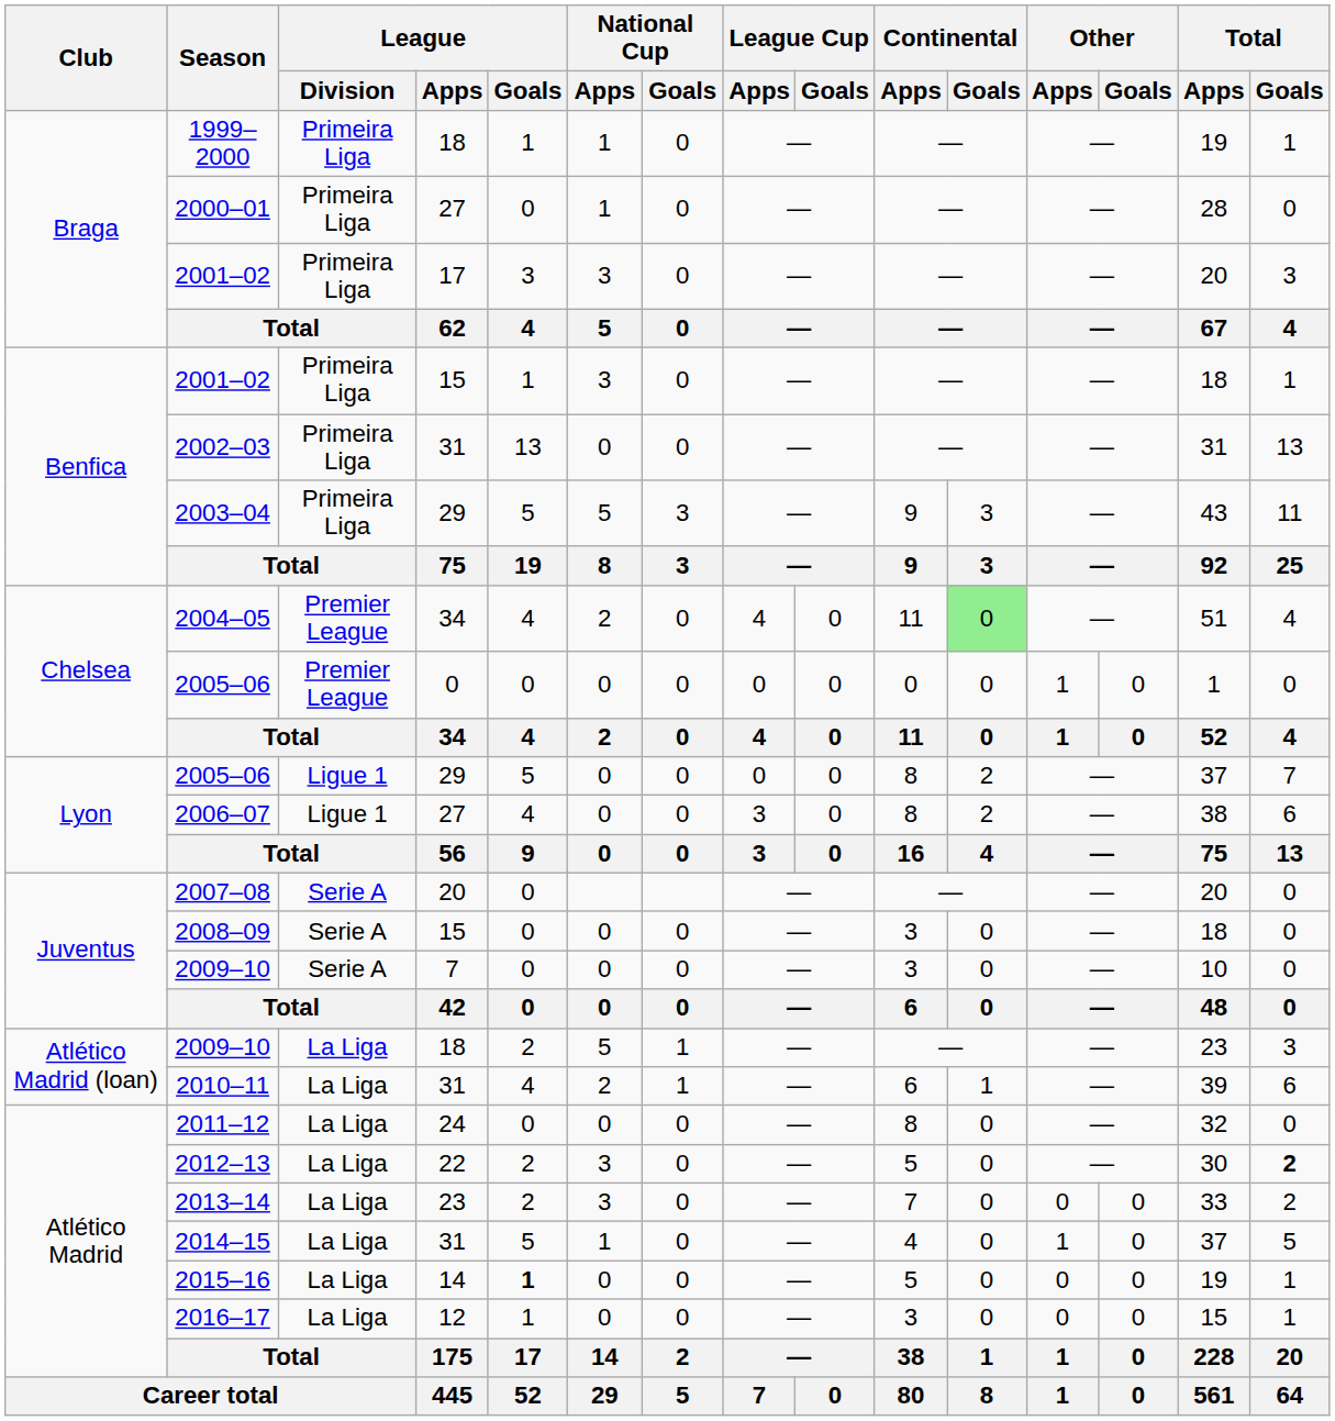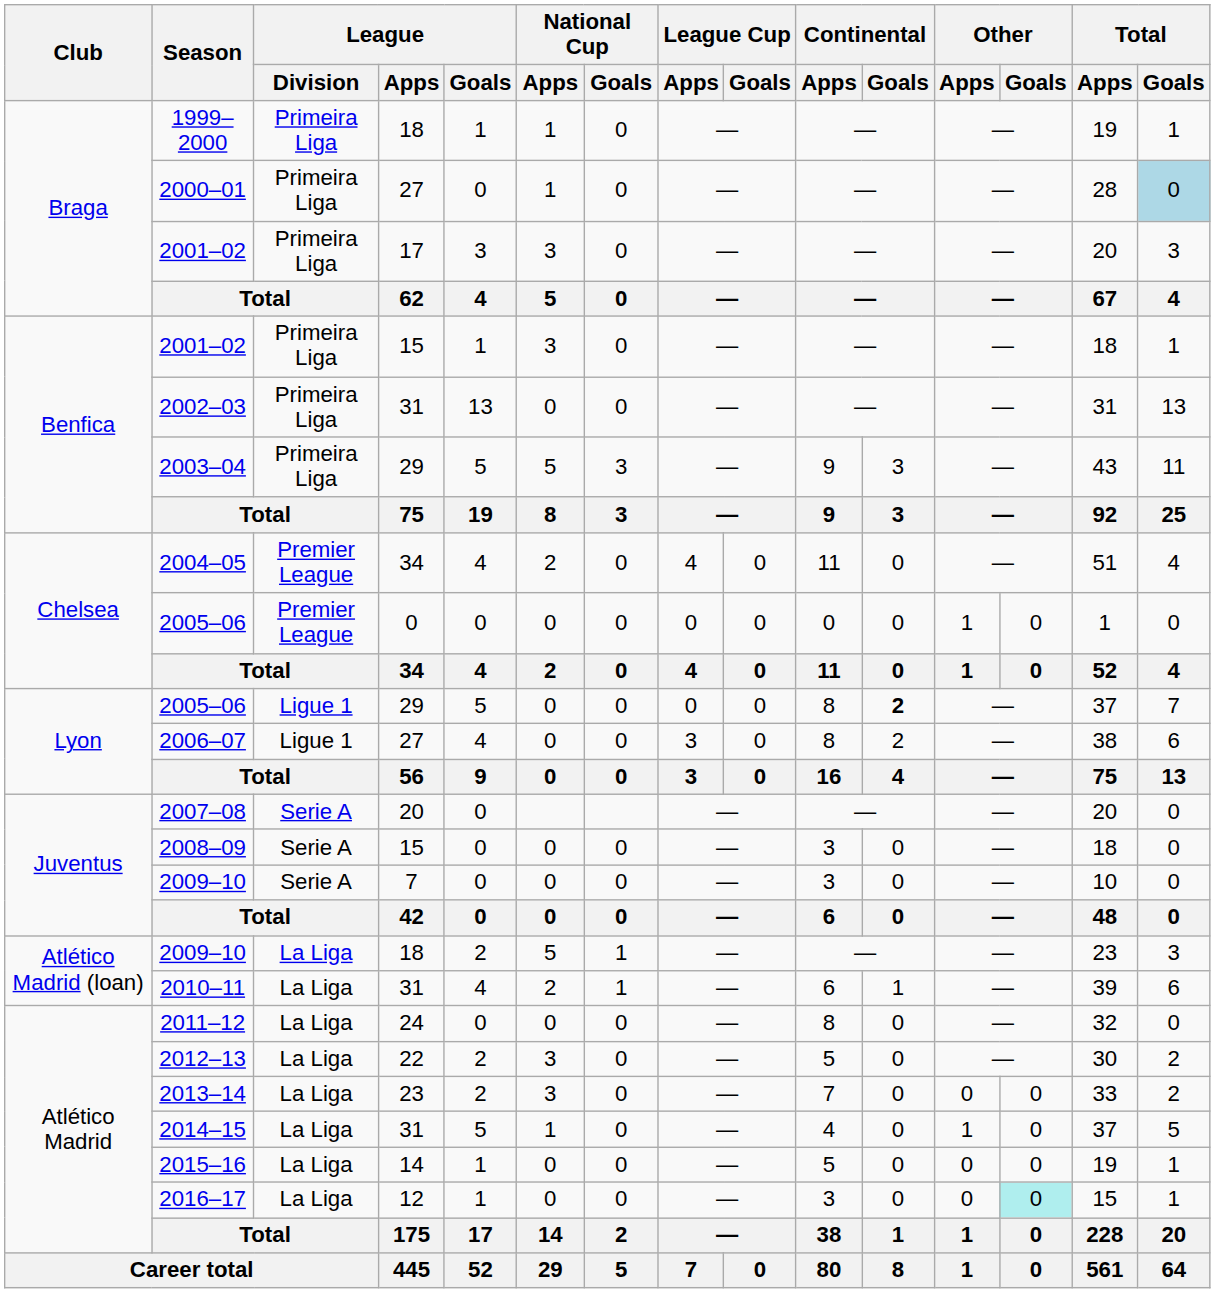 <table class="wikitable" style="text-align:center">
 <tr>
 <th rowspan="2">Club</th>
 <th rowspan="2">Season</th>
 <th colspan="3">League</th>
 <th colspan="2">National Cup</th>
 <th colspan="2">League Cup</th>
 <th colspan="2">Continental</th>
 <th colspan="2">Other</th>
 <th colspan="2">Total</th>
 </tr>
 <tr>
 <th>Division</th>
 <th>Apps</th>
 <th>Goals</th>
 <th>Apps</th>
 <th>Goals</th>
 <th>Apps</th>
 <th>Goals</th>
 <th>Apps</th>
 <th>Goals</th>
 <th>Apps</th>
 <th>Goals</th>
 <th>Apps</th>
 <th>Goals</th>
 </tr>
 <tr>
 <td rowspan="4"><a href='#'>Braga</a></td>
 <td><a href='#'>1999–2000</a></td>
 <td><a href='#'>Primeira Liga</a></td>
 <td>18</td>
 <td>1</td>
 <td>1</td>
 <td>0</td>
 <td colspan="2">—</td>
 <td colspan="2">—</td>
 <td colspan="2">—</td>
 <td>19</td>
 <td>1</td>
 </tr>
 <tr>
 <td><a href='#'>2000–01</a></td>
 <td>Primeira Liga</td>
 <td>27</td>
 <td>0</td>
 <td>1</td>
 <td>0</td>
 <td colspan="2">—</td>
 <td colspan="2">—</td>
 <td colspan="2">—</td>
 <td>28</td>
-<td>0</td>
+<td style="background: lightblue;">0</td>
 </tr>
 <tr>
 <td><a href='#'>2001–02</a></td>
 <td>Primeira Liga</td>
 <td>17</td>
 <td>3</td>
 <td>3</td>
 <td>0</td>
 <td colspan="2">—</td>
 <td colspan="2">—</td>
 <td colspan="2">—</td>
 <td>20</td>
 <td>3</td>
 </tr>
 <tr>
 <th colspan="2">Total</th>
 <th>62</th>
 <th>4</th>
 <th>5</th>
 <th>0</th>
 <th colspan="2">—</th>
 <th colspan="2">—</th>
 <th colspan="2">—</th>
 <th>67</th>
 <th>4</th>
 </tr>
 <tr>
 <td rowspan="4"><a href='#'>Benfica</a></td>
 <td><a href='#'>2001–02</a></td>
 <td>Primeira Liga</td>
 <td>15</td>
 <td>1</td>
 <td>3</td>
 <td>0</td>
 <td colspan="2">—</td>
 <td colspan="2">—</td>
 <td colspan="2">—</td>
 <td>18</td>
 <td>1</td>
 </tr>
 <tr>
 <td><a href='#'>2002–03</a></td>
 <td>Primeira Liga</td>
 <td>31</td>
 <td>13</td>
 <td>0</td>
 <td>0</td>
 <td colspan="2">—</td>
 <td colspan="2">—</td>
 <td colspan="2">—</td>
 <td>31</td>
 <td>13</td>
 </tr>
 <tr>
 <td><a href='#'>2003–04</a></td>
 <td>Primeira Liga</td>
 <td>29</td>
 <td>5</td>
 <td>5</td>
 <td>3</td>
 <td colspan="2">—</td>
 <td>9</td>
 <td>3</td>
 <td colspan="2">—</td>
 <td>43</td>
 <td>11</td>
 </tr>
 <tr>
 <th colspan="2">Total</th>
 <th>75</th>
 <th>19</th>
 <th>8</th>
 <th>3</th>
 <th colspan="2">—</th>
 <th>9</th>
 <th>3</th>
 <th colspan="2">—</th>
 <th>92</th>
 <th>25</th>
 </tr>
 <tr>
 <td rowspan="3"><a href='#'>Chelsea</a></td>
 <td><a href='#'>2004–05</a></td>
 <td><a href='#'>Premier League</a></td>
 <td>34</td>
 <td>4</td>
 <td>2</td>
 <td>0</td>
 <td>4</td>
 <td>0</td>
 <td>11</td>
-<td style="background: lightgreen;">0</td>
+<td>0</td>
 <td colspan="2">—</td>
 <td>51</td>
 <td>4</td>
 </tr>
 <tr>
 <td><a href='#'>2005–06</a></td>
 <td><a href='#'>Premier League</a></td>
 <td>0</td>
 <td>0</td>
 <td>0</td>
 <td>0</td>
 <td>0</td>
 <td>0</td>
 <td>0</td>
 <td>0</td>
 <td>1</td>
 <td>0</td>
 <td>1</td>
 <td>0</td>
 </tr>
 <tr>
 <th colspan="2">Total</th>
 <th>34</th>
 <th>4</th>
 <th>2</th>
 <th>0</th>
 <th>4</th>
 <th>0</th>
 <th>11</th>
 <th>0</th>
 <th>1</th>
 <th>0</th>
 <th>52</th>
 <th>4</th>
 </tr>
 <tr>
 <td rowspan="3"><a href='#'>Lyon</a></td>
 <td><a href='#'>2005–06</a></td>
 <td><a href='#'>Ligue 1</a></td>
 <td>29</td>
 <td>5</td>
 <td>0</td>
 <td>0</td>
 <td>0</td>
 <td>0</td>
 <td>8</td>
-<td>2</td>
+<td><strong>2</strong></td>
 <td colspan="2">—</td>
 <td>37</td>
 <td>7</td>
 </tr>
 <tr>
 <td><a href='#'>2006–07</a></td>
 <td>Ligue 1</td>
 <td>27</td>
 <td>4</td>
 <td>0</td>
 <td>0</td>
 <td>3</td>
 <td>0</td>
 <td>8</td>
 <td>2</td>
 <td colspan="2">—</td>
 <td>38</td>
 <td>6</td>
 </tr>
 <tr>
 <th colspan="2">Total</th>
 <th>56</th>
 <th>9</th>
 <th>0</th>
 <th>0</th>
 <th>3</th>
 <th>0</th>
 <th>16</th>
 <th>4</th>
 <th colspan="2">—</th>
 <th>75</th>
 <th>13</th>
 </tr>
 <tr>
 <td rowspan="4"><a href='#'>Juventus</a></td>
 <td><a href='#'>2007–08</a></td>
 <td><a href='#'>Serie A</a></td>
 <td>20</td>
 <td>0</td>
 <td></td>
 <td></td>
 <td colspan="2">—</td>
 <td colspan="2">—</td>
 <td colspan="2">—</td>
 <td>20</td>
 <td>0</td>
 </tr>
 <tr>
 <td><a href='#'>2008–09</a></td>
 <td>Serie A</td>
 <td>15</td>
 <td>0</td>
 <td>0</td>
 <td>0</td>
 <td colspan="2">—</td>
 <td>3</td>
 <td>0</td>
 <td colspan="2">—</td>
 <td>18</td>
 <td>0</td>
 </tr>
 <tr>
 <td><a href='#'>2009–10</a></td>
 <td>Serie A</td>
 <td>7</td>
 <td>0</td>
 <td>0</td>
 <td>0</td>
 <td colspan="2">—</td>
 <td>3</td>
 <td>0</td>
 <td colspan="2">—</td>
 <td>10</td>
 <td>0</td>
 </tr>
 <tr>
 <th colspan="2">Total</th>
 <th>42</th>
 <th>0</th>
 <th>0</th>
 <th>0</th>
 <th colspan="2">—</th>
 <th>6</th>
 <th>0</th>
 <th colspan="2">—</th>
 <th>48</th>
 <th>0</th>
 </tr>
 <tr>
 <td rowspan="2"><a href='#'>Atlético Madrid</a> (loan)</td>
 <td><a href='#'>2009–10</a></td>
 <td><a href='#'>La Liga</a></td>
 <td>18</td>
 <td>2</td>
 <td>5</td>
 <td>1</td>
 <td colspan="2">—</td>
 <td colspan="2">—</td>
 <td colspan="2">—</td>
 <td>23</td>
 <td>3</td>
 </tr>
 <tr>
 <td><a href='#'>2010–11</a></td>
 <td>La Liga</td>
 <td>31</td>
 <td>4</td>
 <td>2</td>
 <td>1</td>
 <td colspan="2">—</td>
 <td>6</td>
 <td>1</td>
 <td colspan="2">—</td>
 <td>39</td>
 <td>6</td>
 </tr>
 <tr>
 <td rowspan="7">Atlético Madrid</td>
 <td><a href='#'>2011–12</a></td>
 <td>La Liga</td>
 <td>24</td>
 <td>0</td>
 <td>0</td>
 <td>0</td>
 <td colspan="2">—</td>
 <td>8</td>
 <td>0</td>
 <td colspan="2">—</td>
 <td>32</td>
 <td>0</td>
 </tr>
 <tr>
 <td><a href='#'>2012–13</a></td>
 <td>La Liga</td>
 <td>22</td>
 <td>2</td>
 <td>3</td>
 <td>0</td>
 <td colspan="2">—</td>
 <td>5</td>
 <td>0</td>
 <td colspan="2">—</td>
 <td>30</td>
-<td><strong>2</strong></td>
+<td>2</td>
 </tr>
 <tr>
 <td><a href='#'>2013–14</a></td>
 <td>La Liga</td>
 <td>23</td>
 <td>2</td>
 <td>3</td>
 <td>0</td>
 <td colspan="2">—</td>
 <td>7</td>
 <td>0</td>
 <td>0</td>
 <td>0</td>
 <td>33</td>
 <td>2</td>
 </tr>
 <tr>
 <td><a href='#'>2014–15</a></td>
 <td>La Liga</td>
 <td>31</td>
 <td>5</td>
 <td>1</td>
 <td>0</td>
 <td colspan="2">—</td>
 <td>4</td>
 <td>0</td>
 <td>1</td>
 <td>0</td>
 <td>37</td>
 <td>5</td>
 </tr>
 <tr>
 <td><a href='#'>2015–16</a></td>
 <td>La Liga</td>
 <td>14</td>
-<td><strong>1</strong></td>
+<td>1</td>
 <td>0</td>
 <td>0</td>
 <td colspan="2">—</td>
 <td>5</td>
 <td>0</td>
 <td>0</td>
 <td>0</td>
 <td>19</td>
 <td>1</td>
 </tr>
 <tr>
 <td><a href='#'>2016–17</a></td>
 <td>La Liga</td>
 <td>12</td>
 <td>1</td>
 <td>0</td>
 <td>0</td>
 <td colspan="2">—</td>
 <td>3</td>
 <td>0</td>
 <td>0</td>
-<td>0</td>
+<td style="background: paleturquoise;">0</td>
 <td>15</td>
 <td>1</td>
 </tr>
 <tr>
 <th colspan="2">Total</th>
 <th>175</th>
 <th>17</th>
 <th>14</th>
 <th>2</th>
 <th colspan="2">—</th>
 <th>38</th>
 <th>1</th>
 <th>1</th>
 <th>0</th>
 <th>228</th>
 <th>20</th>
 </tr>
 <tr>
 <th colspan="3">Career total</th>
 <th>445</th>
 <th>52</th>
 <th>29</th>
 <th>5</th>
 <th>7</th>
 <th>0</th>
 <th>80</th>
 <th>8</th>
 <th>1</th>
 <th>0</th>
 <th>561</th>
 <th>64</th>
 </tr>
 </table>
